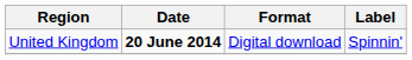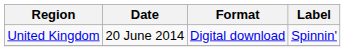 <table class=wikitable>
 <tr>
 <th>Region</th>
 <th>Date</th>
 <th>Format</th>
 <th>Label</th>
 </tr>
 <tr>
 <td><a href='#'>United Kingdom</a></td>
-<td><strong>20 June 2014</strong></td>
+<td>20 June 2014</td>
 <td><a href='#'>Digital download</a></td>
 <td><a href='#'>Spinnin'</a></td>
 </tr>
 <tr>
 </tr>
 </table>
